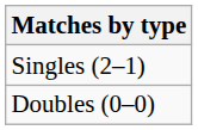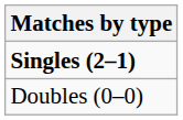 <table class=wikitable>
 <tr>
 <th>Matches by type</th>
 </tr>
 <tr>
-<td>Singles (2–1)</td>
+<td><strong>Singles (2–1)</strong></td>
 </tr>
 <tr>
 <td>Doubles (0–0)</td>
 </tr>
 </table>
